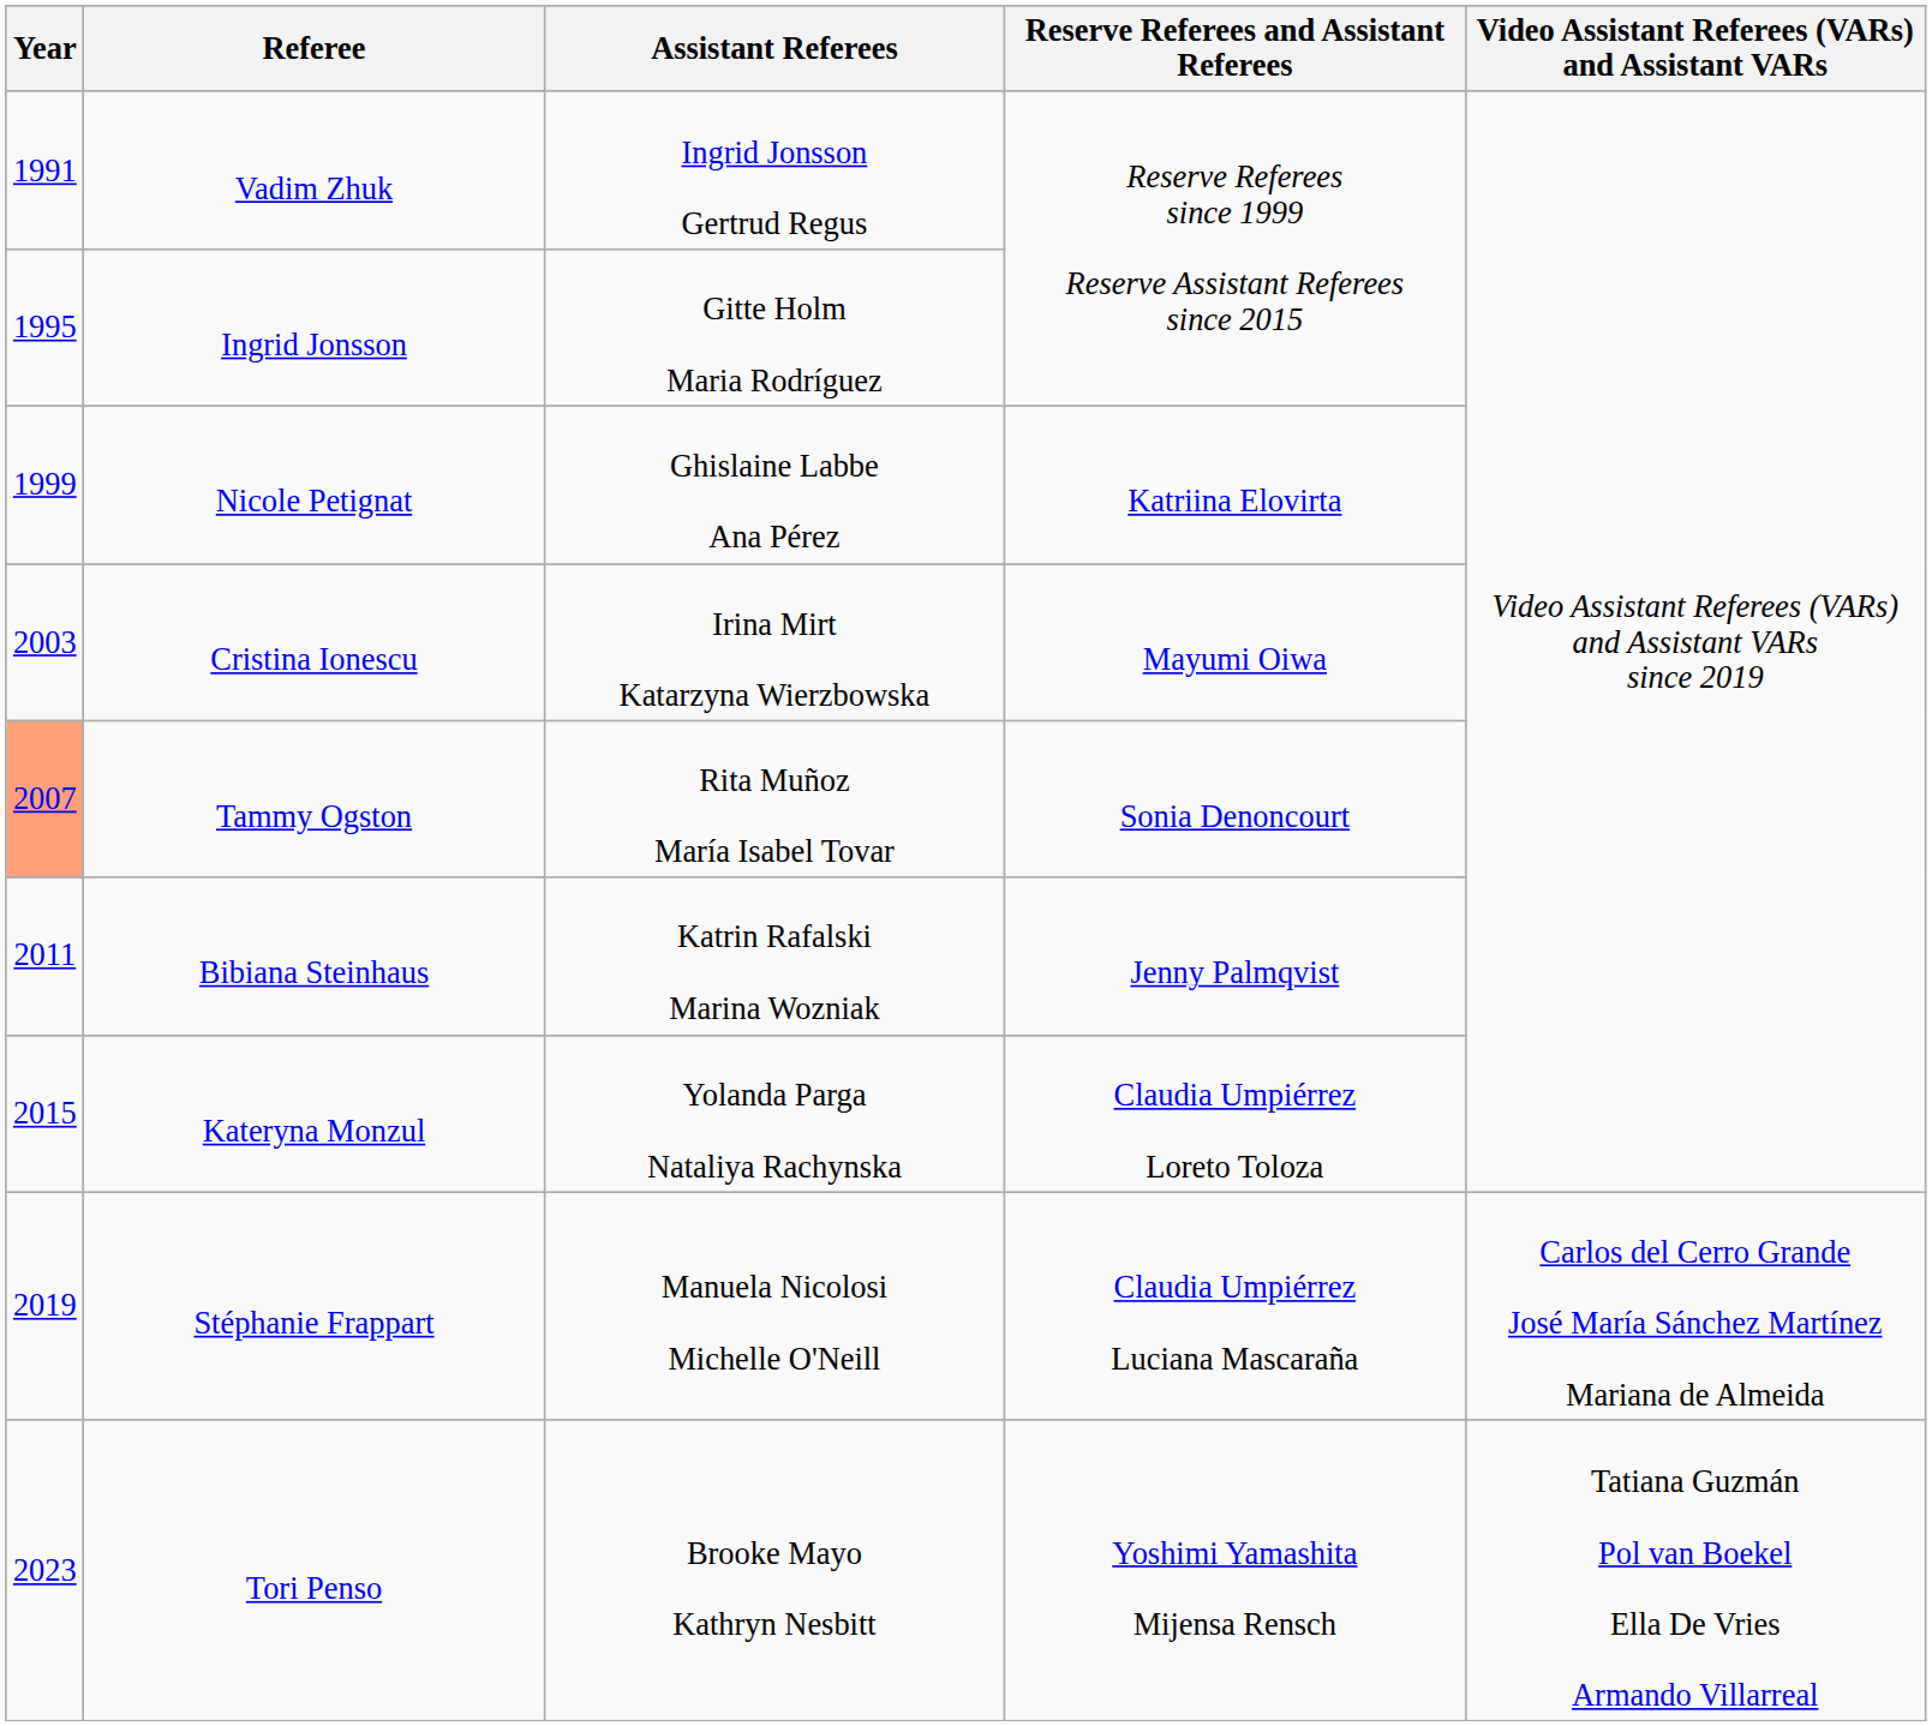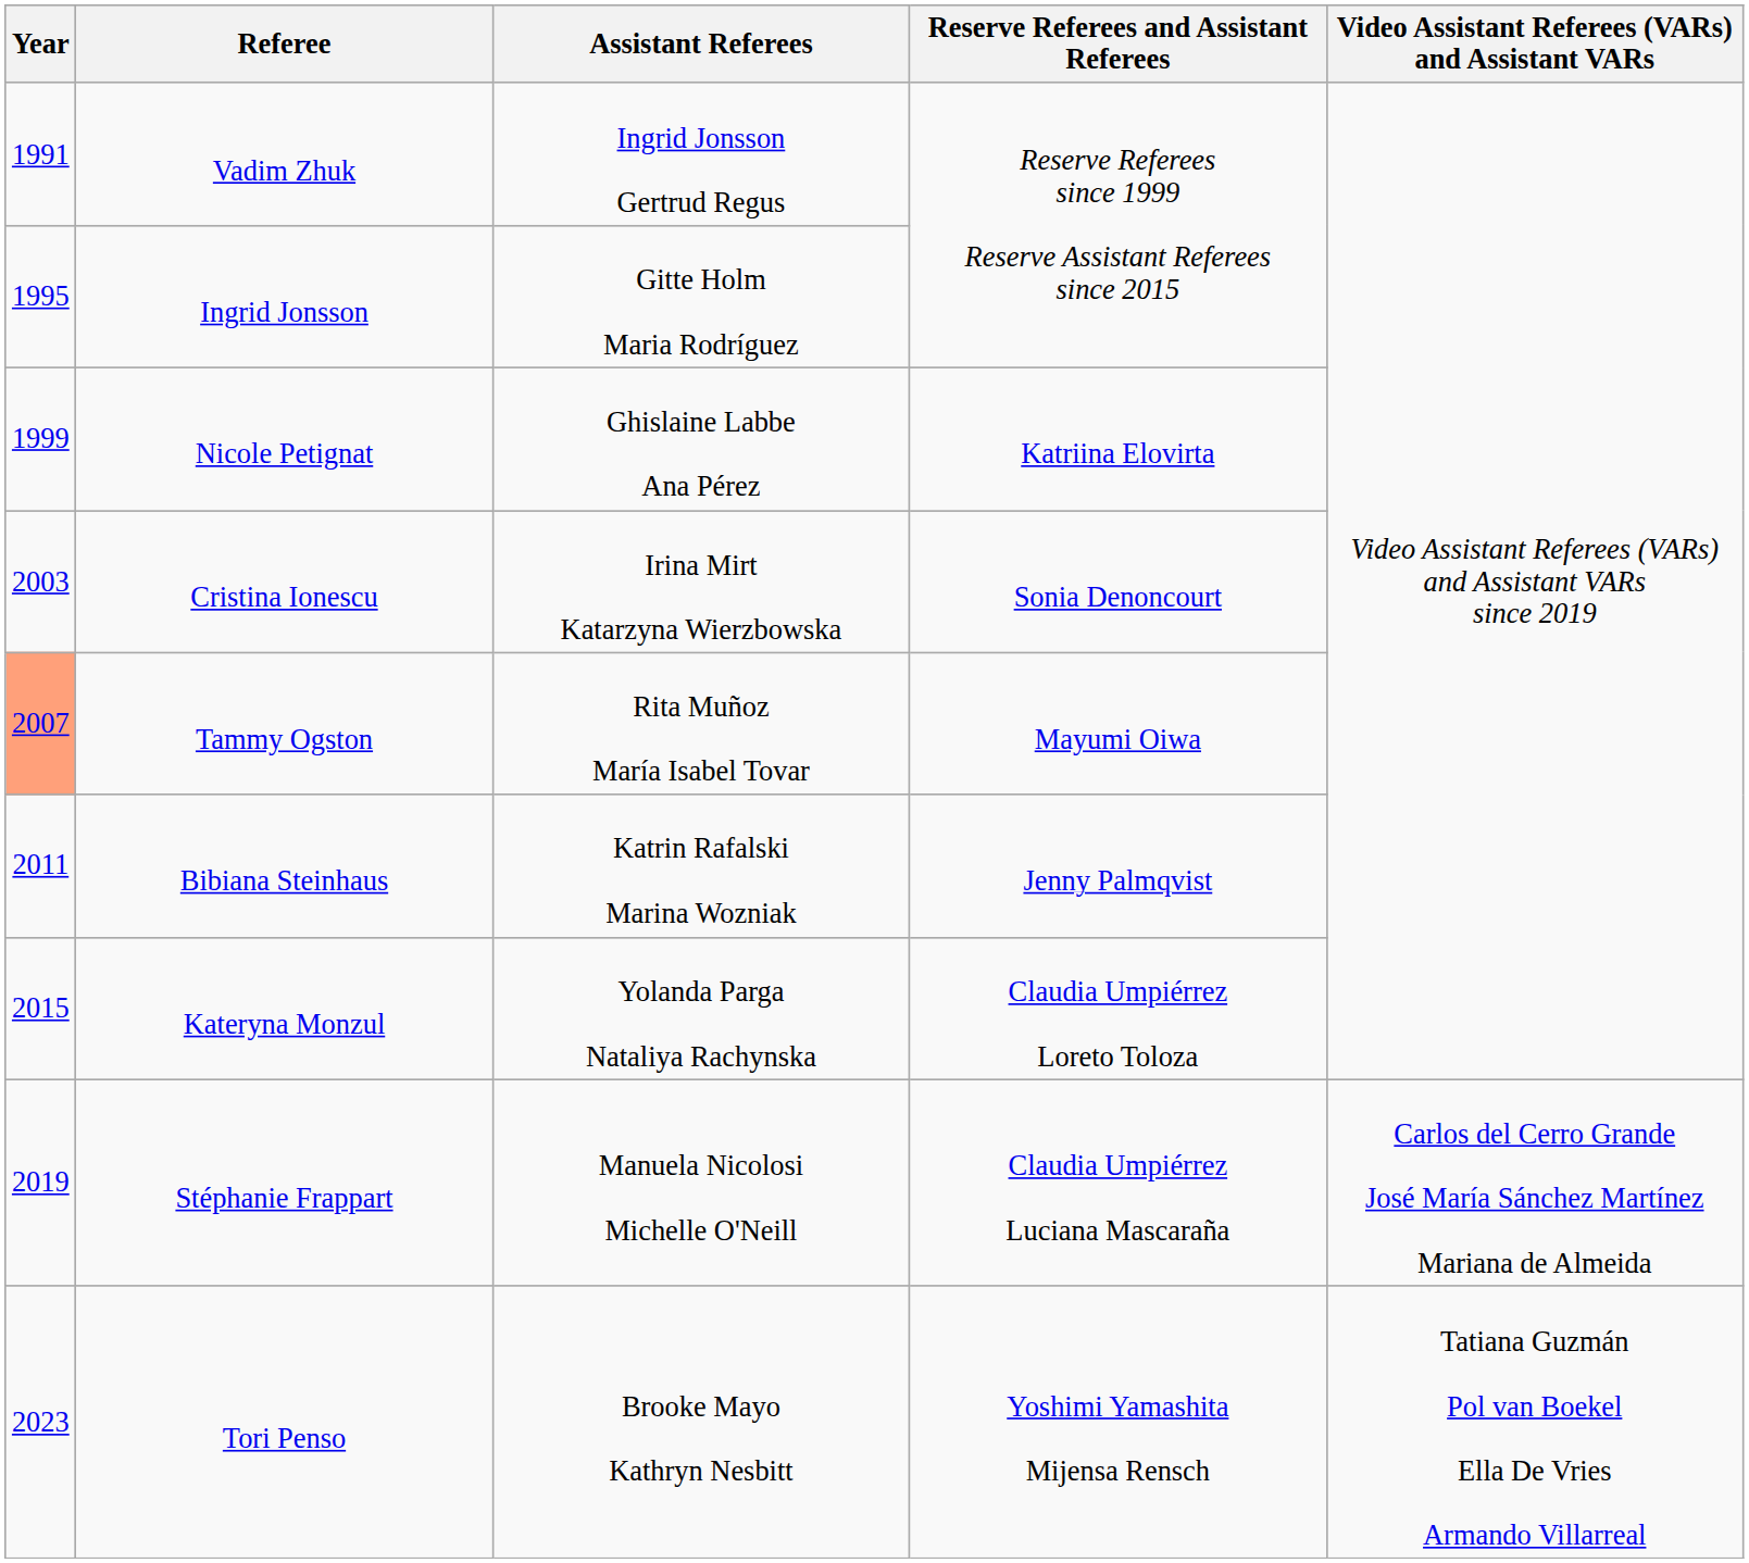 <table class="wikitable sortable">
 <tr>
 <th style="width:25px">Year</th>
 <th style="width:225px">Referee</th>
 <th style="width:225px">Assistant Referees</th>
 <th style="width:225px">Reserve Referees and Assistant Referees</th>
 <th style="width:225px">Video Assistant Referees (VARs) and Assistant VARs</th>
 </tr>
 <tr>
 <td style="text-align:center"><a href='#'>1991</a><br></td>
 <td style="text-align:center"><br><a href='#'>Vadim Zhuk</a></td>
 <td style="text-align:center;"><br><a href='#'>Ingrid Jonsson</a><br><br>Gertrud Regus</td>
 <td rowspan=2 style="text-align:center"><em>Reserve Referees<br>since 1999</em><br><br><em>Reserve Assistant Referees<br>since 2015</em></td>
 <td rowspan="7" style="text-align:center"><em>Video Assistant Referees (VARs) and Assistant VARs<br>since 2019</em></td>
 </tr>
 <tr>
 <td style="text-align:center"><a href='#'>1995</a><br></td>
 <td style="text-align:center"><br><a href='#'>Ingrid Jonsson</a></td>
 <td style="text-align:center"><br>Gitte Holm<br><br>Maria Rodríguez</td>
 </tr>
 <tr>
 <td style="text-align:center"><a href='#'>1999</a><br></td>
 <td style="text-align:center"><br><a href='#'>Nicole Petignat</a></td>
 <td style="text-align:center"><br>Ghislaine Labbe<br><br>Ana Pérez</td>
 <td style="text-align:center"><br><a href='#'>Katriina Elovirta</a></td>
 </tr>
 <tr>
 <td style="text-align:center"><a href='#'>2003</a><br></td>
 <td style="text-align:center"><br><a href='#'>Cristina Ionescu</a></td>
 <td style="text-align:center"><br>Irina Mirt<br><br>Katarzyna Wierzbowska</td>
-<td style="text-align:center"><br><a href='#'>Mayumi Oiwa</a></td>
+<td style="text-align:center"><br><a href='#'>Sonia Denoncourt</a></td>
 </tr>
 <tr>
 <td style="background: lightsalmon; text-align:center"><a href='#'>2007</a><br></td>
 <td style="text-align:center"><br><a href='#'>Tammy Ogston</a></td>
 <td style="text-align:center"><br>Rita Muñoz<br><br>María Isabel Tovar</td>
-<td style="text-align:center"><br><a href='#'>Sonia Denoncourt</a></td>
+<td style="text-align:center"><br><a href='#'>Mayumi Oiwa</a></td>
 </tr>
 <tr>
 <td style="text-align:center"><a href='#'>2011</a><br></td>
 <td style="text-align:center"><br><a href='#'>Bibiana Steinhaus</a></td>
 <td style="text-align:center"><br>Katrin Rafalski<br><br>Marina Wozniak</td>
 <td style="text-align:center"><br><a href='#'>Jenny Palmqvist</a></td>
 </tr>
 <tr>
 <td style="text-align:center"><a href='#'>2015</a><br></td>
 <td style="text-align:center"><br><a href='#'>Kateryna Monzul</a></td>
 <td style="text-align:center"><br>Yolanda Parga<br><br>Nataliya Rachynska</td>
 <td style="text-align:center"><br><a href='#'>Claudia Umpiérrez</a><br><br>Loreto Toloza</td>
 </tr>
 <tr>
 <td style="text-align:center"><a href='#'>2019</a><br></td>
 <td style="text-align:center"><br><a href='#'>Stéphanie Frappart</a></td>
 <td style="text-align:center"><br>Manuela Nicolosi<br><br>Michelle O'Neill</td>
 <td style="text-align:center"><br><a href='#'>Claudia Umpiérrez</a><br><br>Luciana Mascaraña</td>
 <td style="text-align:center"><br><a href='#'>Carlos del Cerro Grande</a><br><br><a href='#'>José María Sánchez Martínez</a><br><br>Mariana de Almeida</td>
 </tr>
 <tr>
 <td style="text-align:center"><a href='#'>2023</a><br></td>
 <td style="text-align:center"><br><a href='#'>Tori Penso</a></td>
 <td style="text-align:center"><br>Brooke Mayo<br><br>Kathryn Nesbitt</td>
 <td style="text-align:center"><br><a href='#'>Yoshimi Yamashita</a><br><br>Mijensa Rensch</td>
 <td style="text-align:center"><br>Tatiana Guzmán<br><br><a href='#'>Pol van Boekel</a><br><br>Ella De Vries<br><br><a href='#'>Armando Villarreal</a></td>
 </tr>
 </table>
